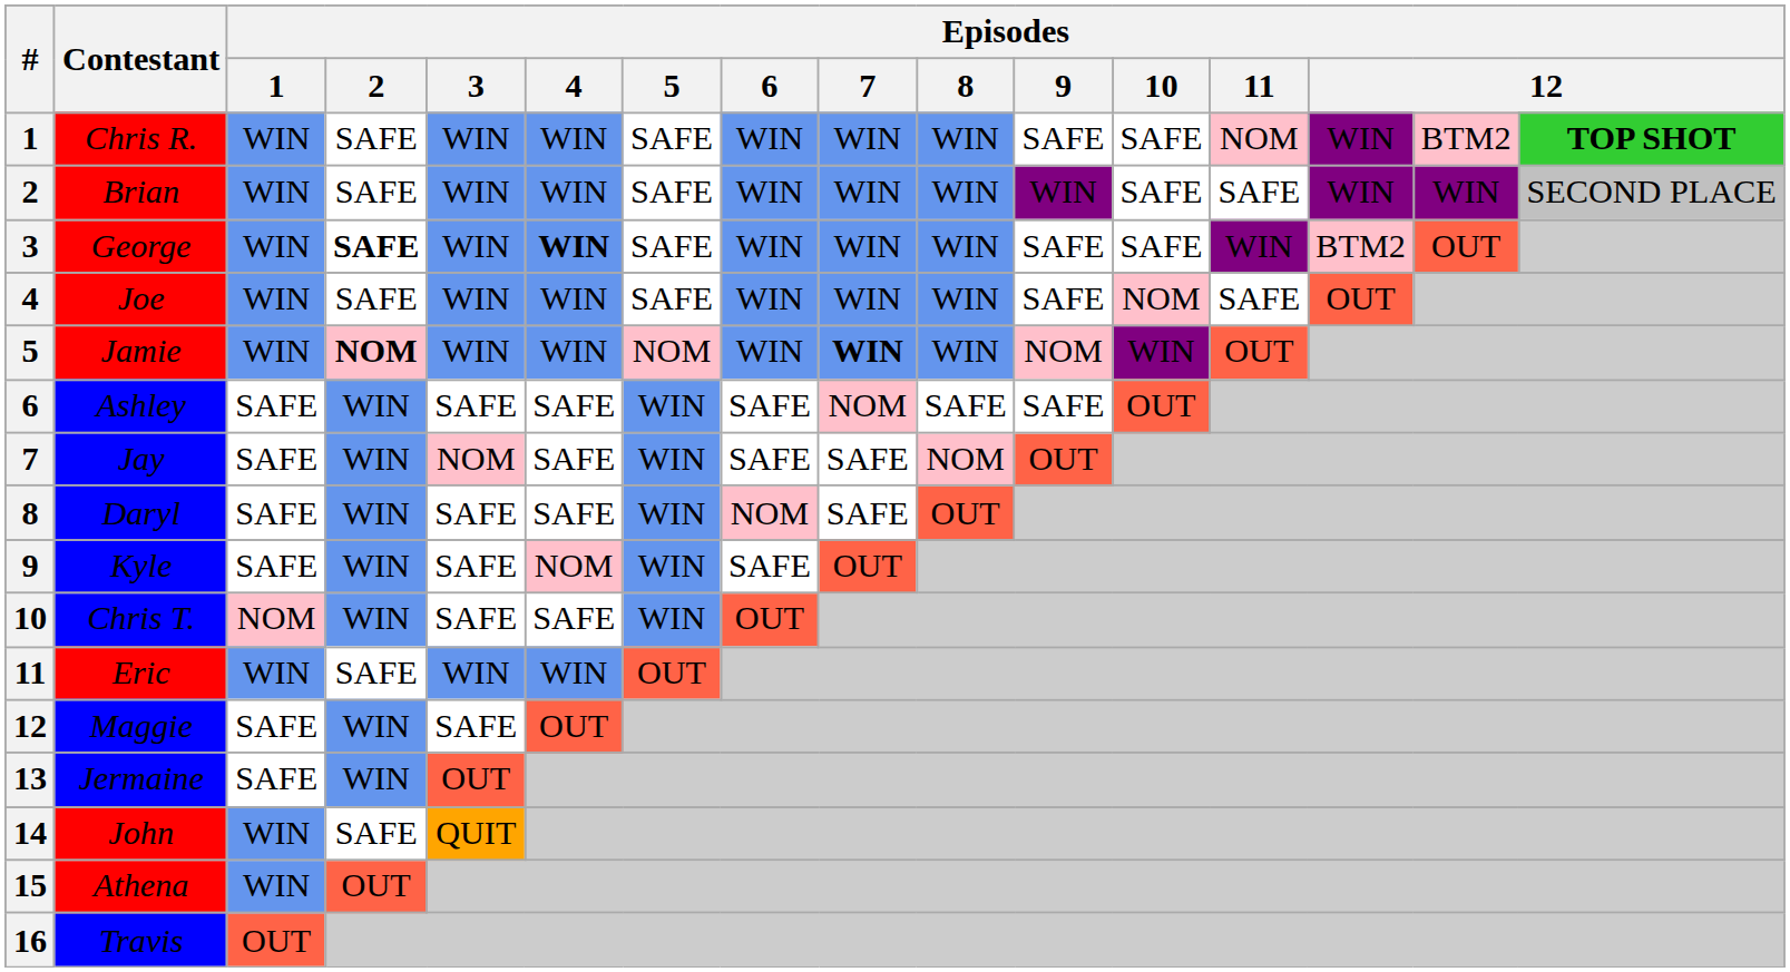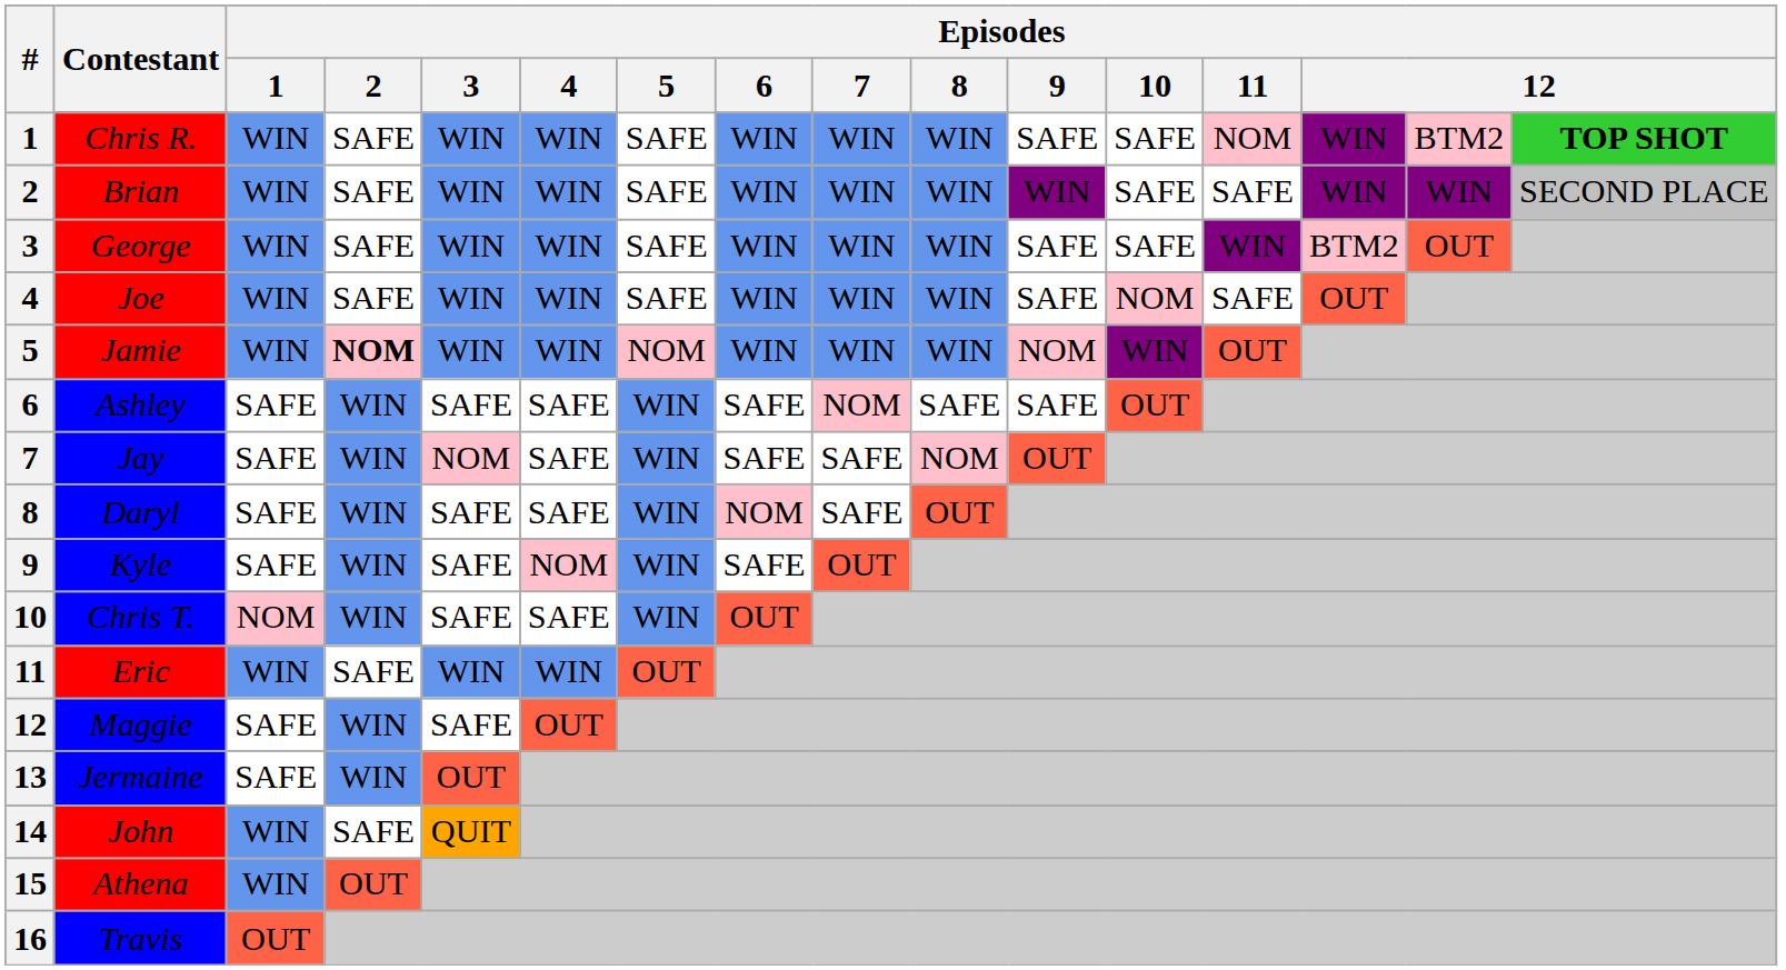 <table class="wikitable" style="text-align:center">
 <tr>
 <th rowspan=2>#</th>
 <th rowspan=2>Contestant</th>
 <th colspan=14>Episodes</th>
 </tr>
 <tr>
 <th>1</th>
 <th>2</th>
 <th>3</th>
 <th>4</th>
 <th>5</th>
 <th>6</th>
 <th>7</th>
 <th>8</th>
 <th>9</th>
 <th>10</th>
 <th>11</th>
 <th colspan=3>12</th>
 </tr>
 <tr>
 <th>1</th>
 <td style="background:red;"><span><em>Chris R.</em></span></td>
 <td style="background:cornflowerblue;">WIN</td>
 <td style="background:white;">SAFE</td>
 <td style="background:cornflowerblue;">WIN</td>
 <td style="background:cornflowerblue;">WIN</td>
 <td style="background:white;">SAFE</td>
 <td style="background:cornflowerblue;">WIN</td>
 <td style="background:cornflowerblue;">WIN</td>
 <td style="background:cornflowerblue;">WIN</td>
 <td style="background:white;">SAFE</td>
 <td style="background:white;">SAFE</td>
 <td style="background:pink;">NOM</td>
 <td style="background:purple;"><span>WIN</span></td>
 <td style="background:pink;">BTM2</td>
 <td style="background:limegreen;"><strong>TOP SHOT</strong></td>
 </tr>
 <tr>
 <th>2</th>
 <td style="background:red;"><span><em>Brian</em></span></td>
 <td style="background:cornflowerblue;">WIN</td>
 <td style="background:white;">SAFE</td>
 <td style="background:cornflowerblue;">WIN</td>
 <td style="background:cornflowerblue;">WIN</td>
 <td style="background:white;">SAFE</td>
 <td style="background:cornflowerblue;">WIN</td>
 <td style="background:cornflowerblue;">WIN</td>
 <td style="background:cornflowerblue;">WIN</td>
 <td style="background:purple;"><span>WIN</span></td>
 <td style="background:white;">SAFE</td>
 <td style="background:white;">SAFE</td>
 <td style="background:purple;"><span>WIN</span></td>
 <td style="background:purple;"><span>WIN</span></td>
 <td style="background:silver;">SECOND PLACE</td>
 </tr>
 <tr>
 <th>3</th>
 <td style="background:red;"><span><em>George</em></span></td>
 <td style="background:cornflowerblue;">WIN</td>
-<td style="background:white;"><strong>SAFE</strong></td>
+<td style="background:white;">SAFE</td>
 <td style="background:cornflowerblue;">WIN</td>
-<td style="background:cornflowerblue;"><strong>WIN</strong></td>
+<td style="background:cornflowerblue;">WIN</td>
 <td style="background:white;">SAFE</td>
 <td style="background:cornflowerblue;">WIN</td>
 <td style="background:cornflowerblue;">WIN</td>
 <td style="background:cornflowerblue;">WIN</td>
 <td style="background:white;">SAFE</td>
 <td style="background:white;">SAFE</td>
 <td style="background:purple;"><span>WIN</span></td>
 <td style="background:pink;">BTM2</td>
 <td style="background:tomato;">OUT</td>
 <td style="background:#ccc;"></td>
 </tr>
 <tr>
 <th>4</th>
 <td style="background:red;"><span><em>Joe</em></span></td>
 <td style="background:cornflowerblue;">WIN</td>
 <td style="background:white;">SAFE</td>
 <td style="background:cornflowerblue;">WIN</td>
 <td style="background:cornflowerblue;">WIN</td>
 <td style="background:white;">SAFE</td>
 <td style="background:cornflowerblue;">WIN</td>
 <td style="background:cornflowerblue;">WIN</td>
 <td style="background:cornflowerblue;">WIN</td>
 <td style="background:white;">SAFE</td>
 <td style="background:pink;">NOM</td>
 <td style="background:white;">SAFE</td>
 <td style="background:tomato;">OUT</td>
 <td style="background:#ccc;" colspan="2"></td>
 </tr>
 <tr>
 <th>5</th>
 <td style="background:red;"><span><em>Jamie</em></span></td>
 <td style="background:cornflowerblue;">WIN</td>
 <td style="background:pink;"><strong>NOM</strong></td>
 <td style="background:cornflowerblue;">WIN</td>
 <td style="background:cornflowerblue;">WIN</td>
 <td style="background:pink;">NOM</td>
 <td style="background:cornflowerblue;">WIN</td>
-<td style="background:cornflowerblue;"><strong>WIN</strong></td>
+<td style="background:cornflowerblue;">WIN</td>
 <td style="background:cornflowerblue;">WIN</td>
 <td style="background:pink;">NOM</td>
 <td style="background:purple;"><span>WIN</span></td>
 <td style="background:tomato;">OUT</td>
 <td style="background:#ccc;" colspan="3"></td>
 </tr>
 <tr>
 <th>6</th>
 <td style="background:blue;"><span><em>Ashley</em></span></td>
 <td style="background:white;">SAFE</td>
 <td style="background:cornflowerblue;">WIN</td>
 <td style="background:white;">SAFE</td>
 <td style="background:white;">SAFE</td>
 <td style="background:cornflowerblue;">WIN</td>
 <td style="background:white;">SAFE</td>
 <td style="background:pink;">NOM</td>
 <td style="background:white;">SAFE</td>
 <td style="background:white;">SAFE</td>
 <td style="background:tomato;">OUT</td>
 <td style="background:#ccc;" colspan="4"></td>
 </tr>
 <tr>
 <th>7</th>
 <td style="background:blue;"><span><em>Jay</em></span></td>
 <td style="background:white;">SAFE</td>
 <td style="background:cornflowerblue;">WIN</td>
 <td style="background:pink;">NOM</td>
 <td style="background:white;">SAFE</td>
 <td style="background:cornflowerblue;">WIN</td>
 <td style="background:white;">SAFE</td>
 <td style="background:white;">SAFE</td>
 <td style="background:pink;">NOM</td>
 <td style="background:tomato;">OUT</td>
 <td style="background:#ccc;" colspan="5"></td>
 </tr>
 <tr>
 <th>8</th>
 <td style="background:blue;"><span><em>Daryl</em></span></td>
 <td style="background:white;">SAFE</td>
 <td style="background:cornflowerblue;">WIN</td>
 <td style="background:white;">SAFE</td>
 <td style="background:white;">SAFE</td>
 <td style="background:cornflowerblue;">WIN</td>
 <td style="background:pink;">NOM</td>
 <td style="background:white;">SAFE</td>
 <td style="background:tomato;">OUT</td>
 <td style="background:#ccc;" colspan="6"></td>
 </tr>
 <tr>
 <th>9</th>
 <td style="background:blue;"><span><em>Kyle</em></span></td>
 <td style="background:white;">SAFE</td>
 <td style="background:cornflowerblue;">WIN</td>
 <td style="background:white;">SAFE</td>
 <td style="background:pink;">NOM</td>
 <td style="background:cornflowerblue;">WIN</td>
 <td style="background:white;">SAFE</td>
 <td style="background:tomato;">OUT</td>
 <td style="background:#ccc;" colspan="7"></td>
 </tr>
 <tr>
 <th>10</th>
 <td style="background:blue;"><span><em>Chris T.</em></span></td>
 <td style="background:pink;">NOM</td>
 <td style="background:cornflowerblue;">WIN</td>
 <td style="background:white;">SAFE</td>
 <td style="background:white;">SAFE</td>
 <td style="background:cornflowerblue;">WIN</td>
 <td style="background:tomato;">OUT</td>
 <td style="background:#ccc;" colspan="8"></td>
 </tr>
 <tr>
 <th>11</th>
 <td style="background:red;"><span><em>Eric</em></span></td>
 <td style="background:cornflowerblue;">WIN</td>
 <td style="background:white;">SAFE</td>
 <td style="background:cornflowerblue;">WIN</td>
 <td style="background:cornflowerblue;">WIN</td>
 <td style="background:tomato;">OUT</td>
 <td style="background:#ccc;" colspan="9"></td>
 </tr>
 <tr>
 <th>12</th>
 <td style="background:blue;"><span><em>Maggie</em></span></td>
 <td style="background:white;">SAFE</td>
 <td style="background:cornflowerblue;">WIN</td>
 <td style="background:white;">SAFE</td>
 <td style="background:tomato;">OUT</td>
 <td style="background:#ccc;" colspan="10"></td>
 </tr>
 <tr>
 <th>13</th>
 <td style="background:blue;"><span><em>Jermaine</em></span></td>
 <td style="background:white;">SAFE</td>
 <td style="background:cornflowerblue;">WIN</td>
 <td style="background:tomato;">OUT</td>
 <td style="background:#ccc;" colspan="11"></td>
 </tr>
 <tr>
 <th>14</th>
 <td style="background:red;"><span><em>John</em></span></td>
 <td style="background:cornflowerblue;">WIN</td>
 <td style="background:white;">SAFE</td>
 <td style="background:orange;">QUIT</td>
 <td colspan="11" style="background:#ccc;"></td>
 </tr>
 <tr>
 <th>15</th>
 <td style="background:red;"><span><em>Athena</em></span></td>
 <td style="background:cornflowerblue;">WIN</td>
 <td style="background:tomato;">OUT</td>
 <td style="background:#ccc;" colspan="12"></td>
 </tr>
 <tr>
 <th>16</th>
 <td style="background:blue;"><span><em>Travis</em></span></td>
 <td style="background:tomato;">OUT</td>
 <td style="background:#ccc;" colspan="13"></td>
 </tr>
 </table>
